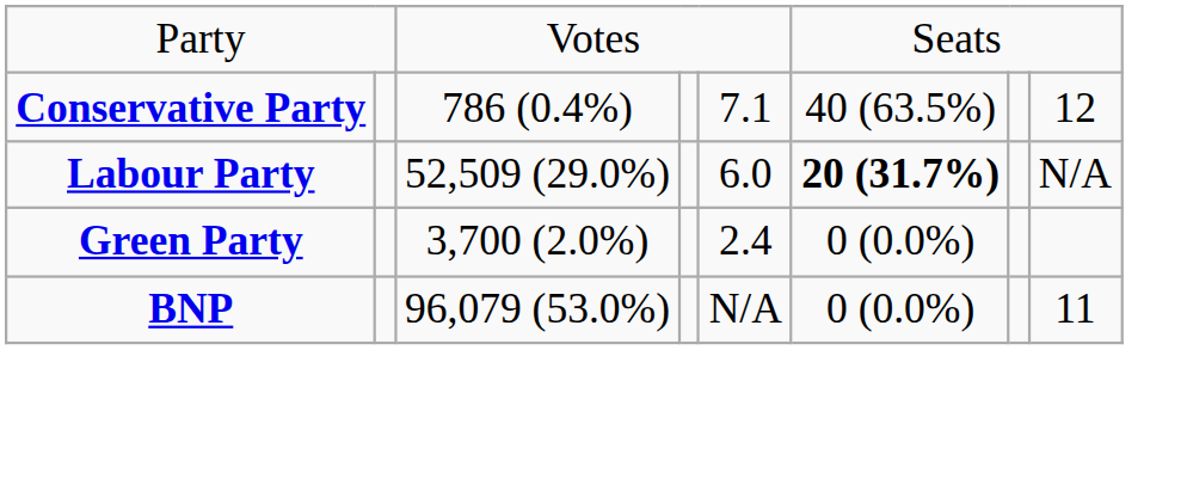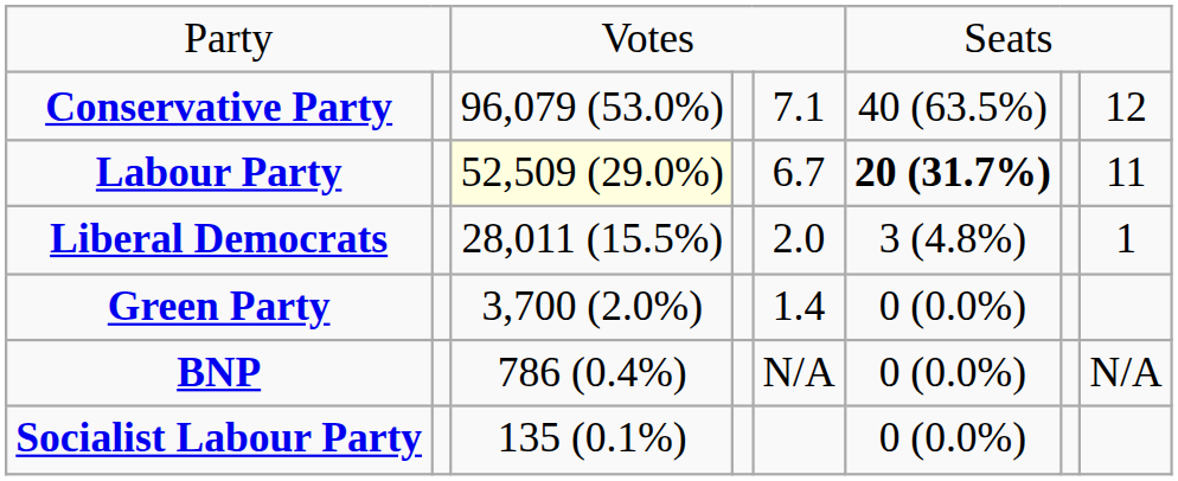 <table class=wikitable style="text-align:center;">
 <tr>
 <td colspan=2>Party</td>
 <td colspan=3>Votes</td>
 <td colspan=3>Seats</td>
 </tr>
 <tr>
 <td><strong><a href='#'>Conservative Party</a></strong></td>
 <td style="background:"></td>
-<td>786 (0.4%)</td>
+<td>96,079 (53.0%)</td>
 <td></td>
 <td> 7.1</td>
 <td>40 (63.5%)</td>
 <td></td>
 <td> 12</td>
 </tr>
 <tr>
 <td><strong><a href='#'>Labour Party</a></strong></td>
 <td style="background:"></td>
-<td>52,509 (29.0%)</td>
+<td style="background: lightyellow;">52,509 (29.0%)</td>
 <td></td>
-<td> 6.0</td>
+<td> 6.7</td>
 <td><strong>20 (31.7%)</strong></td>
 <td></td>
-<td>N/A</td>
+<td> 11</td>
+</tr>
+<tr>
+<td><strong><a href='#'>Liberal Democrats</a></strong></td>
+<td style="background:"></td>
+<td>28,011 (15.5%)</td>
+<td></td>
+<td> 2.0</td>
+<td>3 (4.8%)</td>
+<td></td>
+<td> 1</td>
 </tr>
 <tr>
 <td><strong><a href='#'>Green Party</a></strong></td>
 <td style="background:"></td>
 <td>3,700 (2.0%)</td>
 <td></td>
-<td> 2.4</td>
+<td> 1.4</td>
 <td>0 (0.0%)</td>
 <td></td>
 <td></td>
 </tr>
 <tr>
 <td><strong><a href='#'>BNP</a></strong></td>
 <td style="background:"></td>
-<td>96,079 (53.0%)</td>
+<td>786 (0.4%)</td>
 <td></td>
 <td>N/A</td>
 <td>0 (0.0%)</td>
 <td></td>
-<td> 11</td>
+<td>N/A</td>
+</tr>
+<tr>
+<td><strong><a href='#'>Socialist Labour Party</a></strong></td>
+<td style="background:"></td>
+<td>135 (0.1%)</td>
+<td></td>
+<td></td>
+<td>0 (0.0%)</td>
+<td></td>
+<td></td>
 </tr>
 </table>
